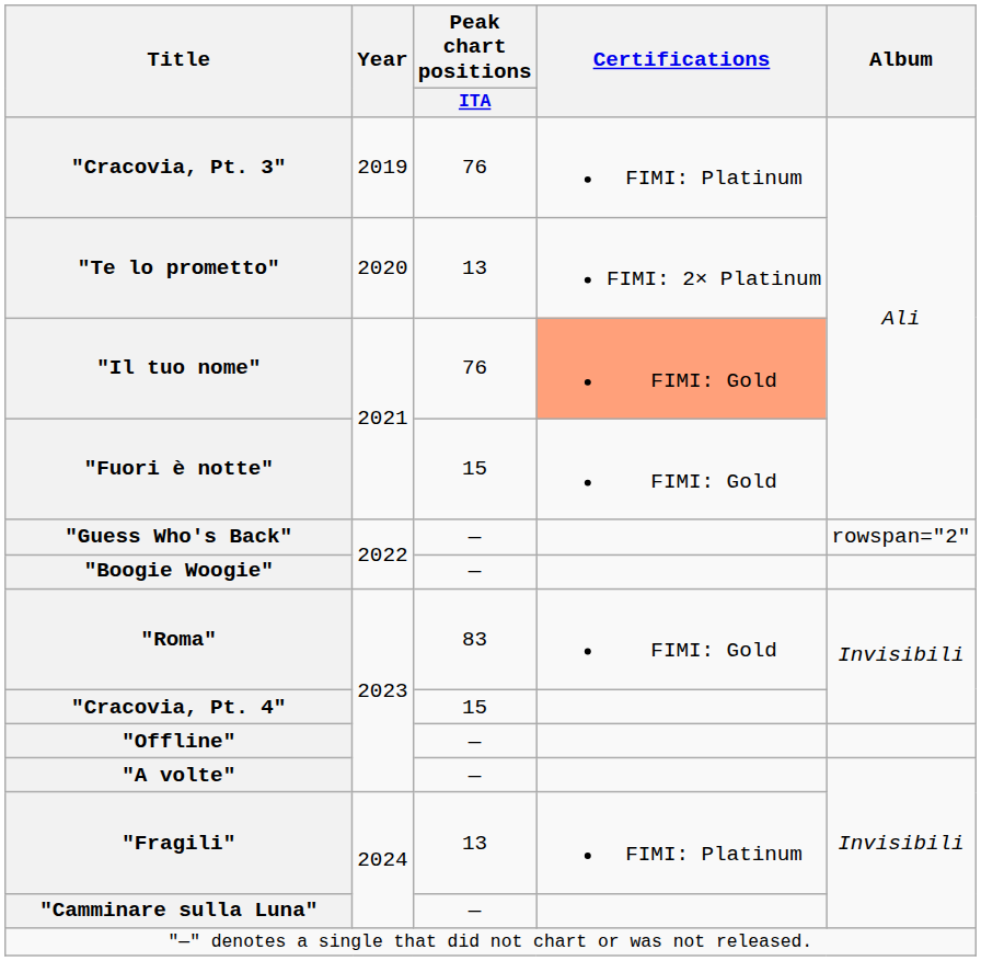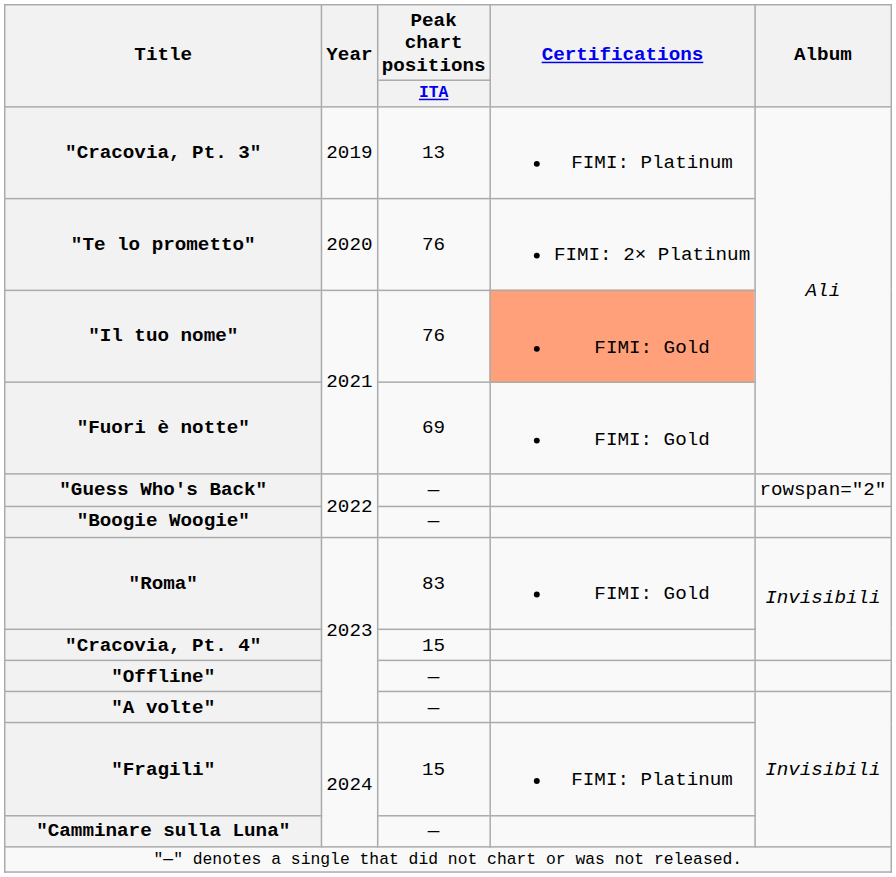 <table class="wikitable plainrowheaders" style="text-align:center;">
 <tr>
 <th scope="col" rowspan="2" style="width:16em;">Title</th>
 <th scope="col" rowspan="2" style="width:1em;">Year</th>
 <th scope="col" colspan="1">Peak chart positions</th>
 <th scope="col" rowspan="2"><a href='#'>Certifications</a></th>
 <th scope="col" rowspan="2">Album</th>
 </tr>
 <tr>
 <th scope="col" style="width:3em;font-size:85%;"><a href='#'>ITA</a><br></th>
 </tr>
 <tr>
 <th scope="row">"Cracovia, Pt. 3"</th>
 <td>2019</td>
-<td>76</td>
+<td>13</td>
 <td><br><ul><li>FIMI: Platinum</li></ul></td>
 <td rowspan="4"><em>Ali</em></td>
 </tr>
 <tr>
 <th scope="row">"Te lo prometto"</th>
 <td>2020</td>
-<td>13</td>
+<td>76</td>
 <td><br><ul><li>FIMI: 2× Platinum</li></ul></td>
 </tr>
 <tr>
 <th scope="row">"Il tuo nome"</th>
 <td rowspan="2">2021</td>
 <td>76</td>
 <td style="background: lightsalmon;"><br><ul><li>FIMI: Gold</li></ul></td>
 </tr>
 <tr>
 <th scope="row">"Fuori è notte"</th>
-<td>15</td>
+<td>69</td>
 <td><br><ul><li>FIMI: Gold</li></ul></td>
 </tr>
 <tr>
 <th scope="row">"Guess Who's Back"</th>
 <td rowspan="2">2022</td>
 <td>—</td>
 <td></td>
 <td>rowspan="2" </td>
 </tr>
 <tr>
 <th scope="row">"Boogie Woogie"</th>
 <td>—</td>
 <td></td>
 </tr>
 <tr>
 <th scope="row">"Roma"</th>
 <td rowspan="4">2023</td>
 <td>83</td>
 <td><br><ul><li>FIMI: Gold</li></ul></td>
 <td rowspan="2"><em>Invisibili</em></td>
 </tr>
 <tr>
 <th scope="row">"Cracovia, Pt. 4"</th>
 <td>15</td>
 <td></td>
 </tr>
 <tr>
 <th scope="row">"Offline"<br></th>
 <td>—</td>
 <td></td>
 <td></td>
 </tr>
 <tr>
 <th scope="row">"A volte"</th>
 <td>—</td>
 <td></td>
 <td rowspan="3"><em>Invisibili</em></td>
 </tr>
 <tr>
 <th scope="row">"Fragili"</th>
 <td rowspan="2">2024</td>
-<td>13</td>
+<td>15</td>
 <td><br><ul><li>FIMI: Platinum</li></ul></td>
 </tr>
 <tr>
 <th scope="row">"Camminare sulla Luna"</th>
 <td>—</td>
 <td></td>
 </tr>
 <tr>
 <td colspan="20" style="text-align:center; font-size:85%;">"—" denotes a single that did not chart or was not released.</td>
 </tr>
 </table>
